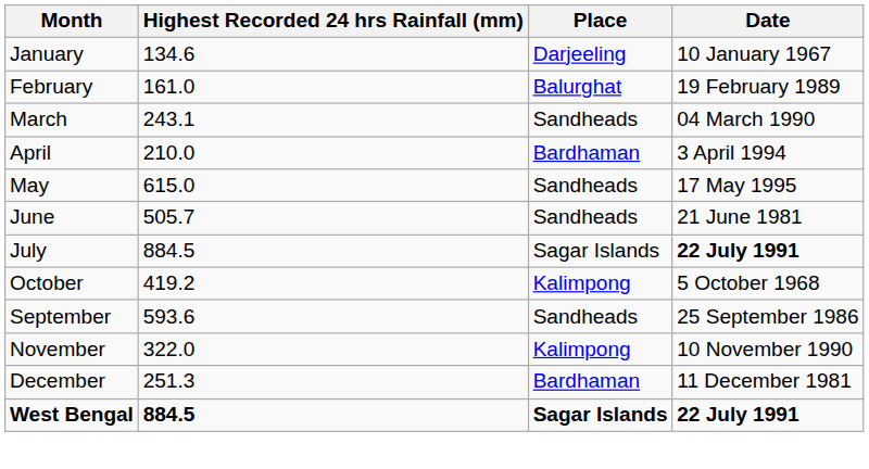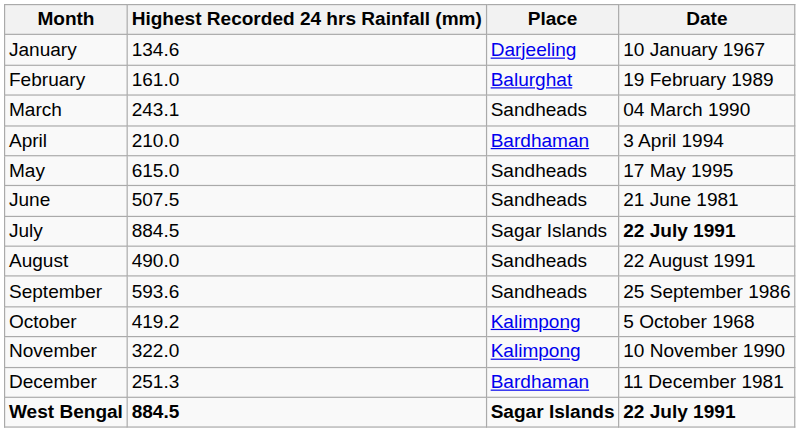 <table class="wikitable">
 <tr>
 <th>Month</th>
 <th>Highest Recorded 24 hrs Rainfall (mm)</th>
 <th>Place</th>
 <th>Date</th>
 </tr>
 <tr>
 <td>January</td>
 <td>134.6</td>
 <td><a href='#'>Darjeeling</a></td>
 <td>10 January 1967</td>
 </tr>
 <tr>
 <td>February</td>
 <td>161.0</td>
 <td><a href='#'>Balurghat</a></td>
 <td>19 February 1989</td>
 </tr>
 <tr>
 <td>March</td>
 <td>243.1</td>
 <td>Sandheads</td>
 <td>04 March 1990</td>
 </tr>
 <tr>
 <td>April</td>
 <td>210.0</td>
 <td><a href='#'>Bardhaman</a></td>
 <td>3 April 1994</td>
 </tr>
 <tr>
 <td>May</td>
 <td>615.0</td>
 <td>Sandheads</td>
 <td>17 May 1995</td>
 </tr>
 <tr>
 <td>June</td>
-<td>505.7</td>
+<td>507.5</td>
 <td>Sandheads</td>
 <td>21 June 1981</td>
 </tr>
 <tr>
 <td>July</td>
 <td>884.5</td>
 <td>Sagar Islands</td>
 <td><strong>22 July 1991</strong></td>
 </tr>
 <tr>
-<td>October</td>
-<td>419.2</td>
-<td><a href='#'>Kalimpong</a></td>
-<td>5 October 1968</td>
+<td>August</td>
+<td>490.0</td>
+<td>Sandheads</td>
+<td>22 August 1991</td>
 </tr>
 <tr>
 <td>September</td>
 <td>593.6</td>
 <td>Sandheads</td>
 <td>25 September 1986</td>
+</tr>
+<tr>
+<td>October</td>
+<td>419.2</td>
+<td><a href='#'>Kalimpong</a></td>
+<td>5 October 1968</td>
 </tr>
 <tr>
 <td>November</td>
 <td>322.0</td>
 <td><a href='#'>Kalimpong</a></td>
 <td>10 November 1990</td>
 </tr>
 <tr>
 <td>December</td>
 <td>251.3</td>
 <td><a href='#'>Bardhaman</a></td>
 <td>11 December 1981</td>
 </tr>
 <tr>
 <td><strong>West Bengal</strong></td>
 <td><strong>884.5</strong></td>
 <td><strong>Sagar Islands</strong></td>
 <td><strong>22 July 1991</strong></td>
 </tr>
 </table>
